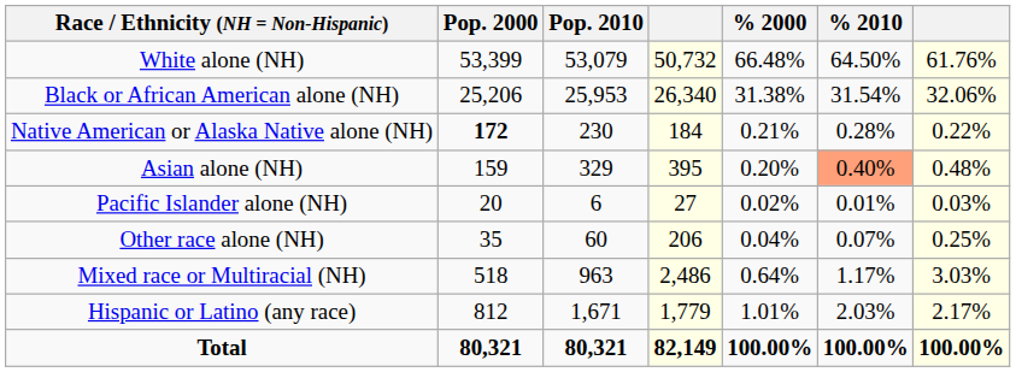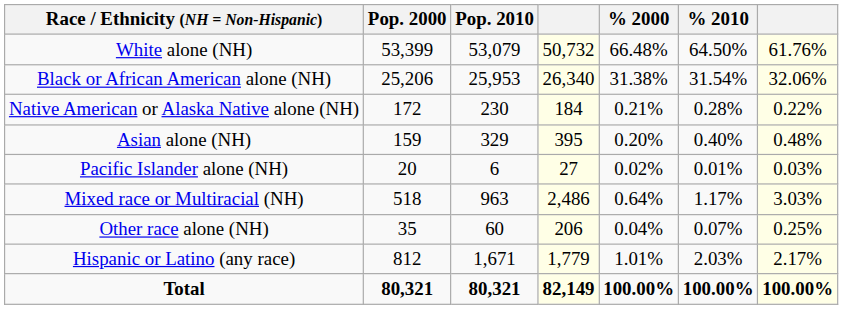 <table class="wikitable" style="text-align:center;">
 <tr>
 <th>Race / Ethnicity <small>(<em>NH = Non-Hispanic</em>)</small></th>
 <th>Pop. 2000</th>
 <th>Pop. 2010</th>
 <th></th>
 <th>% 2000</th>
 <th>% 2010</th>
 <th></th>
 </tr>
 <tr>
 <td><a href='#'>White</a> alone (NH)</td>
 <td>53,399</td>
 <td>53,079</td>
 <td style='background: #ffffe6;'>50,732</td>
 <td>66.48%</td>
 <td>64.50%</td>
 <td style='background: #ffffe6;'>61.76%</td>
 </tr>
 <tr>
 <td><a href='#'>Black or African American</a> alone (NH)</td>
 <td>25,206</td>
 <td>25,953</td>
 <td style='background: #ffffe6;'>26,340</td>
 <td>31.38%</td>
 <td>31.54%</td>
 <td style='background: #ffffe6;'>32.06%</td>
 </tr>
 <tr>
 <td><a href='#'>Native American</a> or <a href='#'>Alaska Native</a> alone (NH)</td>
-<td><strong>172</strong></td>
+<td>172</td>
 <td>230</td>
 <td style='background: #ffffe6;'>184</td>
 <td>0.21%</td>
 <td>0.28%</td>
 <td style='background: #ffffe6;'>0.22%</td>
 </tr>
 <tr>
 <td><a href='#'>Asian</a> alone (NH)</td>
 <td>159</td>
 <td>329</td>
 <td style='background: #ffffe6;'>395</td>
 <td>0.20%</td>
-<td style="background: lightsalmon;">0.40%</td>
+<td>0.40%</td>
 <td style='background: #ffffe6;'>0.48%</td>
 </tr>
 <tr>
 <td><a href='#'>Pacific Islander</a> alone (NH)</td>
 <td>20</td>
 <td>6</td>
 <td style='background: #ffffe6;'>27</td>
 <td>0.02%</td>
 <td>0.01%</td>
 <td style='background: #ffffe6;'>0.03%</td>
 </tr>
 <tr>
+<td><a href='#'>Mixed race or Multiracial</a> (NH)</td>
+<td>518</td>
+<td>963</td>
+<td style='background: #ffffe6;'>2,486</td>
+<td>0.64%</td>
+<td>1.17%</td>
+<td style='background: #ffffe6;'>3.03%</td>
+</tr>
+<tr>
 <td><a href='#'>Other race</a> alone (NH)</td>
 <td>35</td>
 <td>60</td>
 <td style='background: #ffffe6;'>206</td>
 <td>0.04%</td>
 <td>0.07%</td>
 <td style='background: #ffffe6;'>0.25%</td>
-</tr>
-<tr>
-<td><a href='#'>Mixed race or Multiracial</a> (NH)</td>
-<td>518</td>
-<td>963</td>
-<td style='background: #ffffe6;'>2,486</td>
-<td>0.64%</td>
-<td>1.17%</td>
-<td style='background: #ffffe6;'>3.03%</td>
 </tr>
 <tr>
 <td><a href='#'>Hispanic or Latino</a> (any race)</td>
 <td>812</td>
 <td>1,671</td>
 <td style='background: #ffffe6;'>1,779</td>
 <td>1.01%</td>
 <td>2.03%</td>
 <td style='background: #ffffe6;'>2.17%</td>
 </tr>
 <tr>
 <td><strong>Total</strong></td>
 <td><strong>80,321</strong></td>
 <td><strong>80,321</strong></td>
 <td style='background: #ffffe6;'><strong>82,149</strong></td>
 <td><strong>100.00%</strong></td>
 <td><strong>100.00%</strong></td>
 <td style='background: #ffffe6;'><strong>100.00%</strong></td>
 </tr>
 </table>
